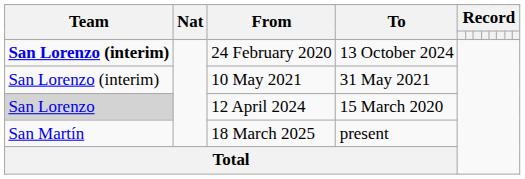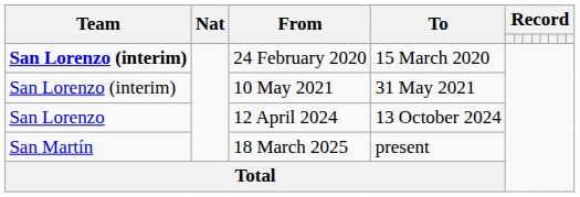 <table class="wikitable" style="text-align: center">
 <tr>
 <th rowspan="2">Team</th>
 <th rowspan="2">Nat</th>
 <th rowspan="2">From</th>
 <th rowspan="2">To</th>
 <th colspan="8">Record</th>
 </tr>
 <tr>
 <th></th>
 <th></th>
 <th></th>
 <th></th>
 <th></th>
 <th></th>
 <th></th>
 <th></th>
 </tr>
 <tr>
 <td align=left><strong><a href='#'>San Lorenzo</a> (interim)</strong></td>
 <td rowspan="4"></td>
 <td align=left>24 February 2020</td>
-<td align=left>13 October 2024<br></td>
+<td align=left>15 March 2020<br></td>
 </tr>
 <tr>
 <td align=left><a href='#'>San Lorenzo</a> (interim)</td>
 <td align=left>10 May 2021</td>
 <td align=left>31 May 2021<br></td>
 </tr>
 <tr>
-<td align=left style="background: lightgrey;"><a href='#'>San Lorenzo</a></td>
+<td align=left><a href='#'>San Lorenzo</a></td>
 <td align=left>12 April 2024</td>
-<td align=left>15 March 2020<br></td>
+<td align=left>13 October 2024<br></td>
 </tr>
 <tr>
 <td align=left><a href='#'>San Martín</a></td>
 <td align=left>18 March 2025</td>
 <td align=left>present<br></td>
 </tr>
 <tr align=center>
 <th colspan="4">Total<br></th>
 </tr>
 </table>
